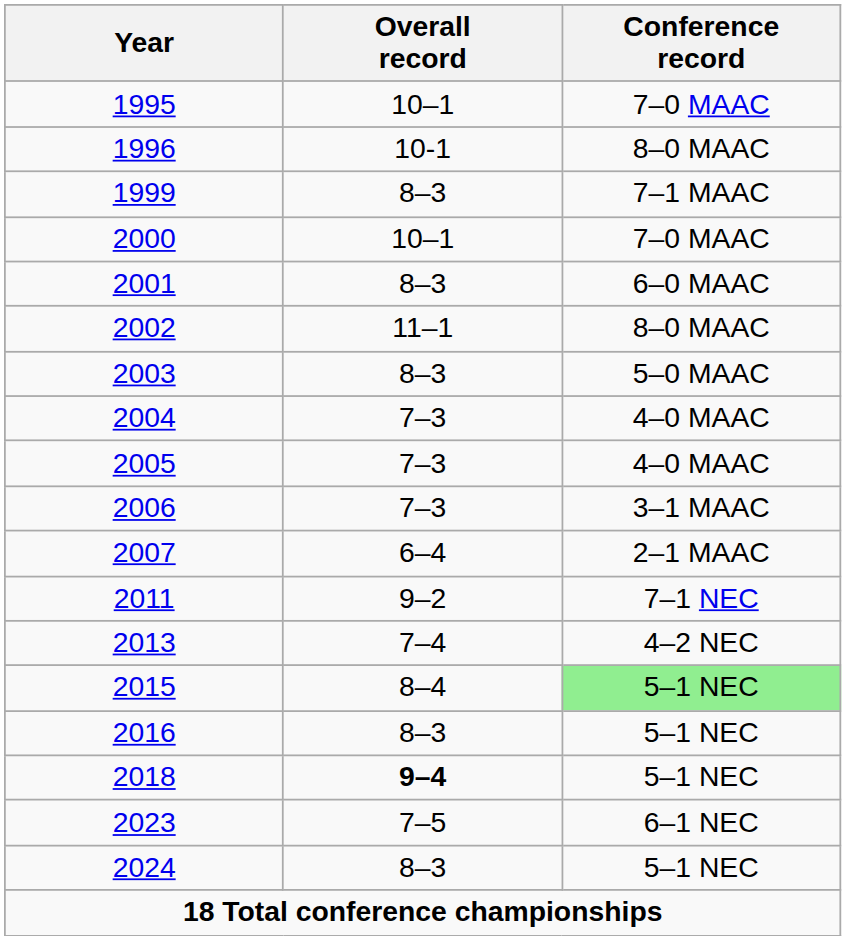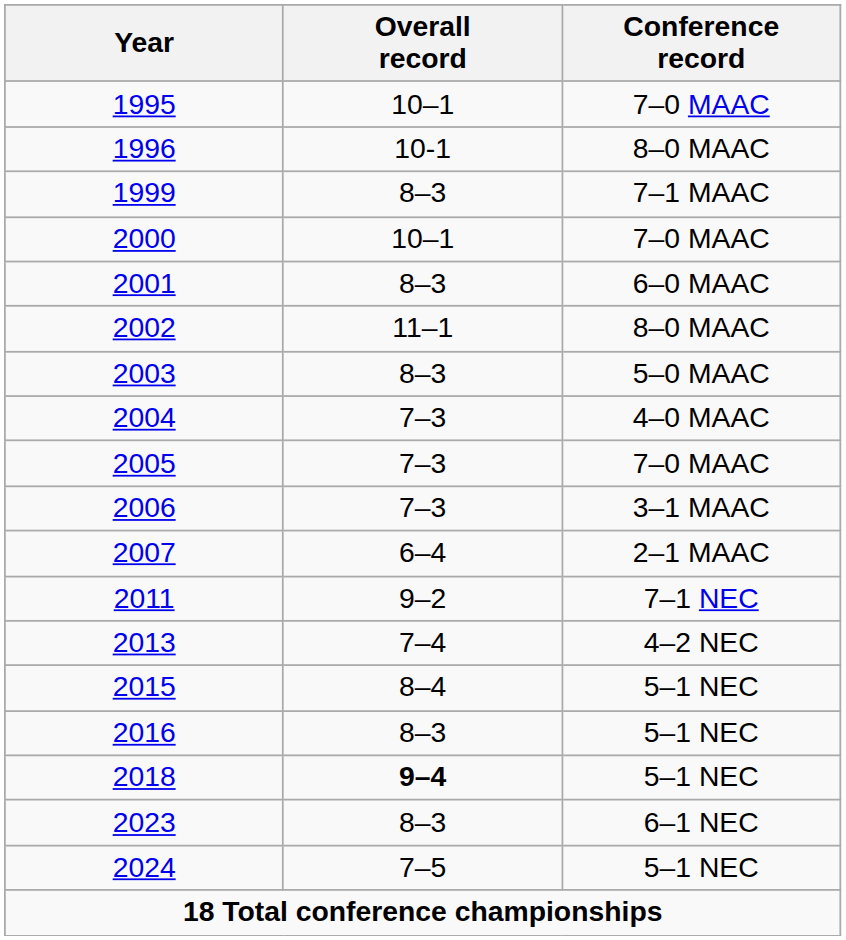 <table class="wikitable"; style= "text-align:center">
 <tr>
 <th width=150px>Year</th>
 <th width=150px>Overall<br>record</th>
 <th width=150px>Conference<br>record</th>
 </tr>
 <tr>
 <td><a href='#'>1995</a></td>
 <td>10–1</td>
 <td>7–0 <a href='#'>MAAC</a></td>
 </tr>
 <tr>
 <td><a href='#'>1996</a></td>
 <td>10-1</td>
 <td>8–0 MAAC</td>
 </tr>
 <tr>
 <td><a href='#'>1999</a></td>
 <td>8–3</td>
 <td>7–1 MAAC</td>
 </tr>
 <tr>
 <td><a href='#'>2000</a></td>
 <td>10–1</td>
 <td>7–0 MAAC</td>
 </tr>
 <tr>
 <td><a href='#'>2001</a></td>
 <td>8–3</td>
 <td>6–0 MAAC</td>
 </tr>
 <tr>
 <td><a href='#'>2002</a></td>
 <td>11–1</td>
 <td>8–0 MAAC</td>
 </tr>
 <tr>
 <td><a href='#'>2003</a></td>
 <td>8–3</td>
 <td>5–0 MAAC</td>
 </tr>
 <tr>
 <td><a href='#'>2004</a></td>
 <td>7–3</td>
 <td>4–0 MAAC</td>
 </tr>
 <tr>
 <td><a href='#'>2005</a></td>
 <td>7–3</td>
-<td>4–0 MAAC</td>
+<td>7–0 MAAC</td>
 </tr>
 <tr>
 <td><a href='#'>2006</a></td>
 <td>7–3</td>
 <td>3–1 MAAC</td>
 </tr>
 <tr>
 <td><a href='#'>2007</a></td>
 <td>6–4</td>
 <td>2–1 MAAC</td>
 </tr>
 <tr>
 <td><a href='#'>2011</a></td>
 <td>9–2</td>
 <td>7–1 <a href='#'>NEC</a></td>
 </tr>
 <tr>
 <td><a href='#'>2013</a></td>
 <td>7–4</td>
 <td>4–2 NEC</td>
 </tr>
 <tr>
 <td><a href='#'>2015</a></td>
 <td>8–4</td>
-<td style="background: lightgreen;">5–1 NEC</td>
+<td>5–1 NEC</td>
 </tr>
 <tr>
 <td><a href='#'>2016</a></td>
 <td>8–3</td>
 <td>5–1 NEC</td>
 </tr>
 <tr>
 <td><a href='#'>2018</a></td>
 <td><strong>9–4</strong></td>
 <td>5–1 NEC</td>
 </tr>
 <tr>
 <td><a href='#'>2023</a></td>
-<td>7–5</td>
+<td>8–3</td>
 <td>6–1 NEC</td>
 </tr>
 <tr>
 <td><a href='#'>2024</a></td>
-<td>8–3</td>
+<td>7–5</td>
 <td>5–1 NEC</td>
 </tr>
 <tr>
 <td colspan=3><strong>18 Total conference championships</strong></td>
 </tr>
 </table>
